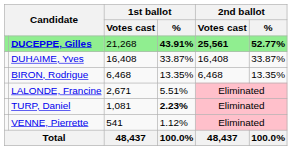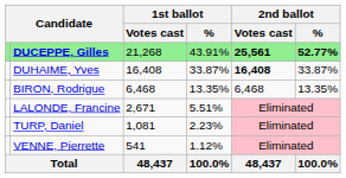 <table class="wikitable">
 <tr>
 <th rowspan="2" colspan="2">Candidate</th>
 <th colspan="2">1st ballot</th>
 <th colspan="2">2nd ballot</th>
 </tr>
 <tr>
 <th>Votes cast</th>
 <th>%</th>
 <th>Votes cast</th>
 <th>%</th>
 </tr>
 <tr style="background:lightgreen;">
 <td></td>
 <td><strong><a href='#'>DUCEPPE, Gilles</a></strong></td>
 <td>21,268</td>
-<td><strong>43.91%</strong></td>
+<td>43.91%</td>
 <td><strong>25,561</strong></td>
 <td><strong>52.77%</strong></td>
 </tr>
 <tr>
 <td></td>
 <td><a href='#'>DUHAIME, Yves</a></td>
 <td>16,408</td>
 <td>33.87%</td>
-<td>16,408</td>
+<td><strong>16,408</strong></td>
 <td>33.87%</td>
 </tr>
 <tr>
 <td></td>
 <td><a href='#'>BIRON, Rodrigue</a></td>
 <td>6,468</td>
 <td>13.35%</td>
 <td>6,468</td>
 <td>13.35%</td>
 </tr>
 <tr>
 <td></td>
 <td><a href='#'>LALONDE, Francine</a></td>
 <td>2,671</td>
 <td>5.51%</td>
 <td style="text-align:center; background:pink;" colspan="2">Eliminated</td>
 </tr>
 <tr>
 <td></td>
 <td><a href='#'>TURP, Daniel</a></td>
 <td>1,081</td>
-<td><strong>2.23%</strong></td>
+<td>2.23%</td>
 <td style="text-align:center; background:pink;" colspan="2">Eliminated</td>
 </tr>
 <tr>
 <td></td>
 <td><a href='#'>VENNE, Pierrette</a></td>
 <td>541</td>
 <td>1.12%</td>
 <td style="text-align:center; background:pink;" colspan="2">Eliminated</td>
 </tr>
 <tr>
 <th colspan="2">Total</th>
 <th>48,437</th>
 <th>100.0%</th>
 <th>48,437</th>
 <th>100.0%</th>
 </tr>
 </table>
